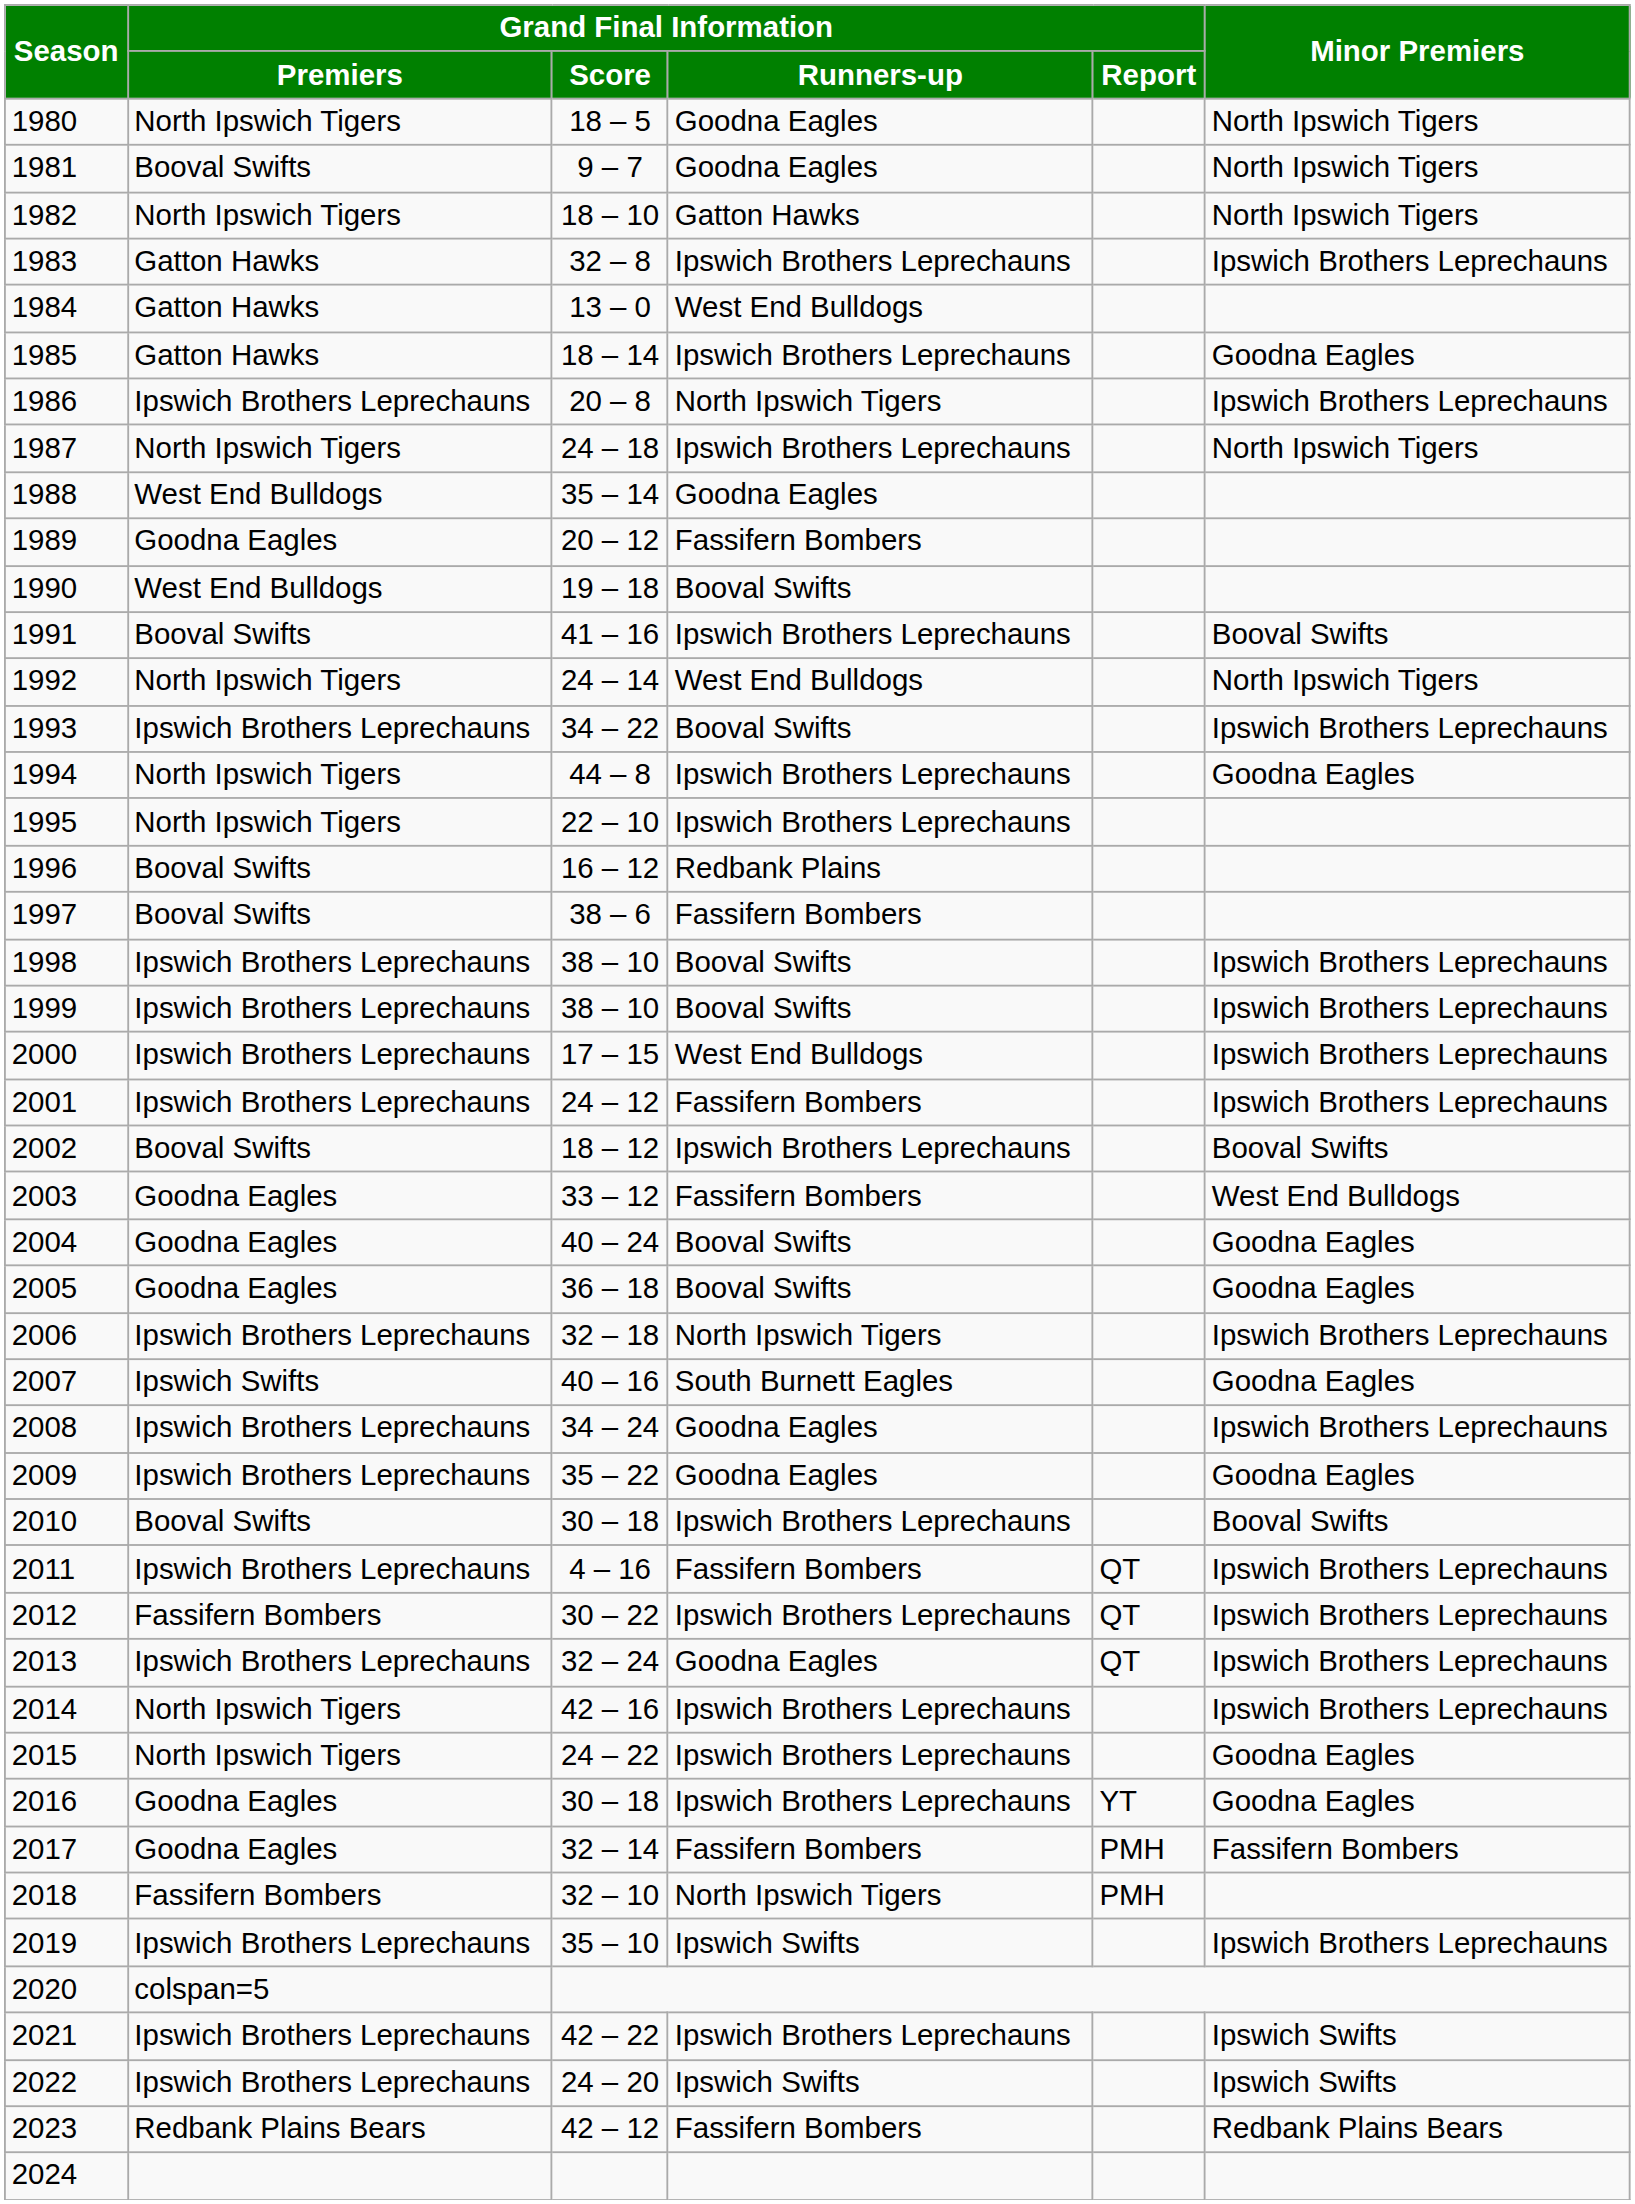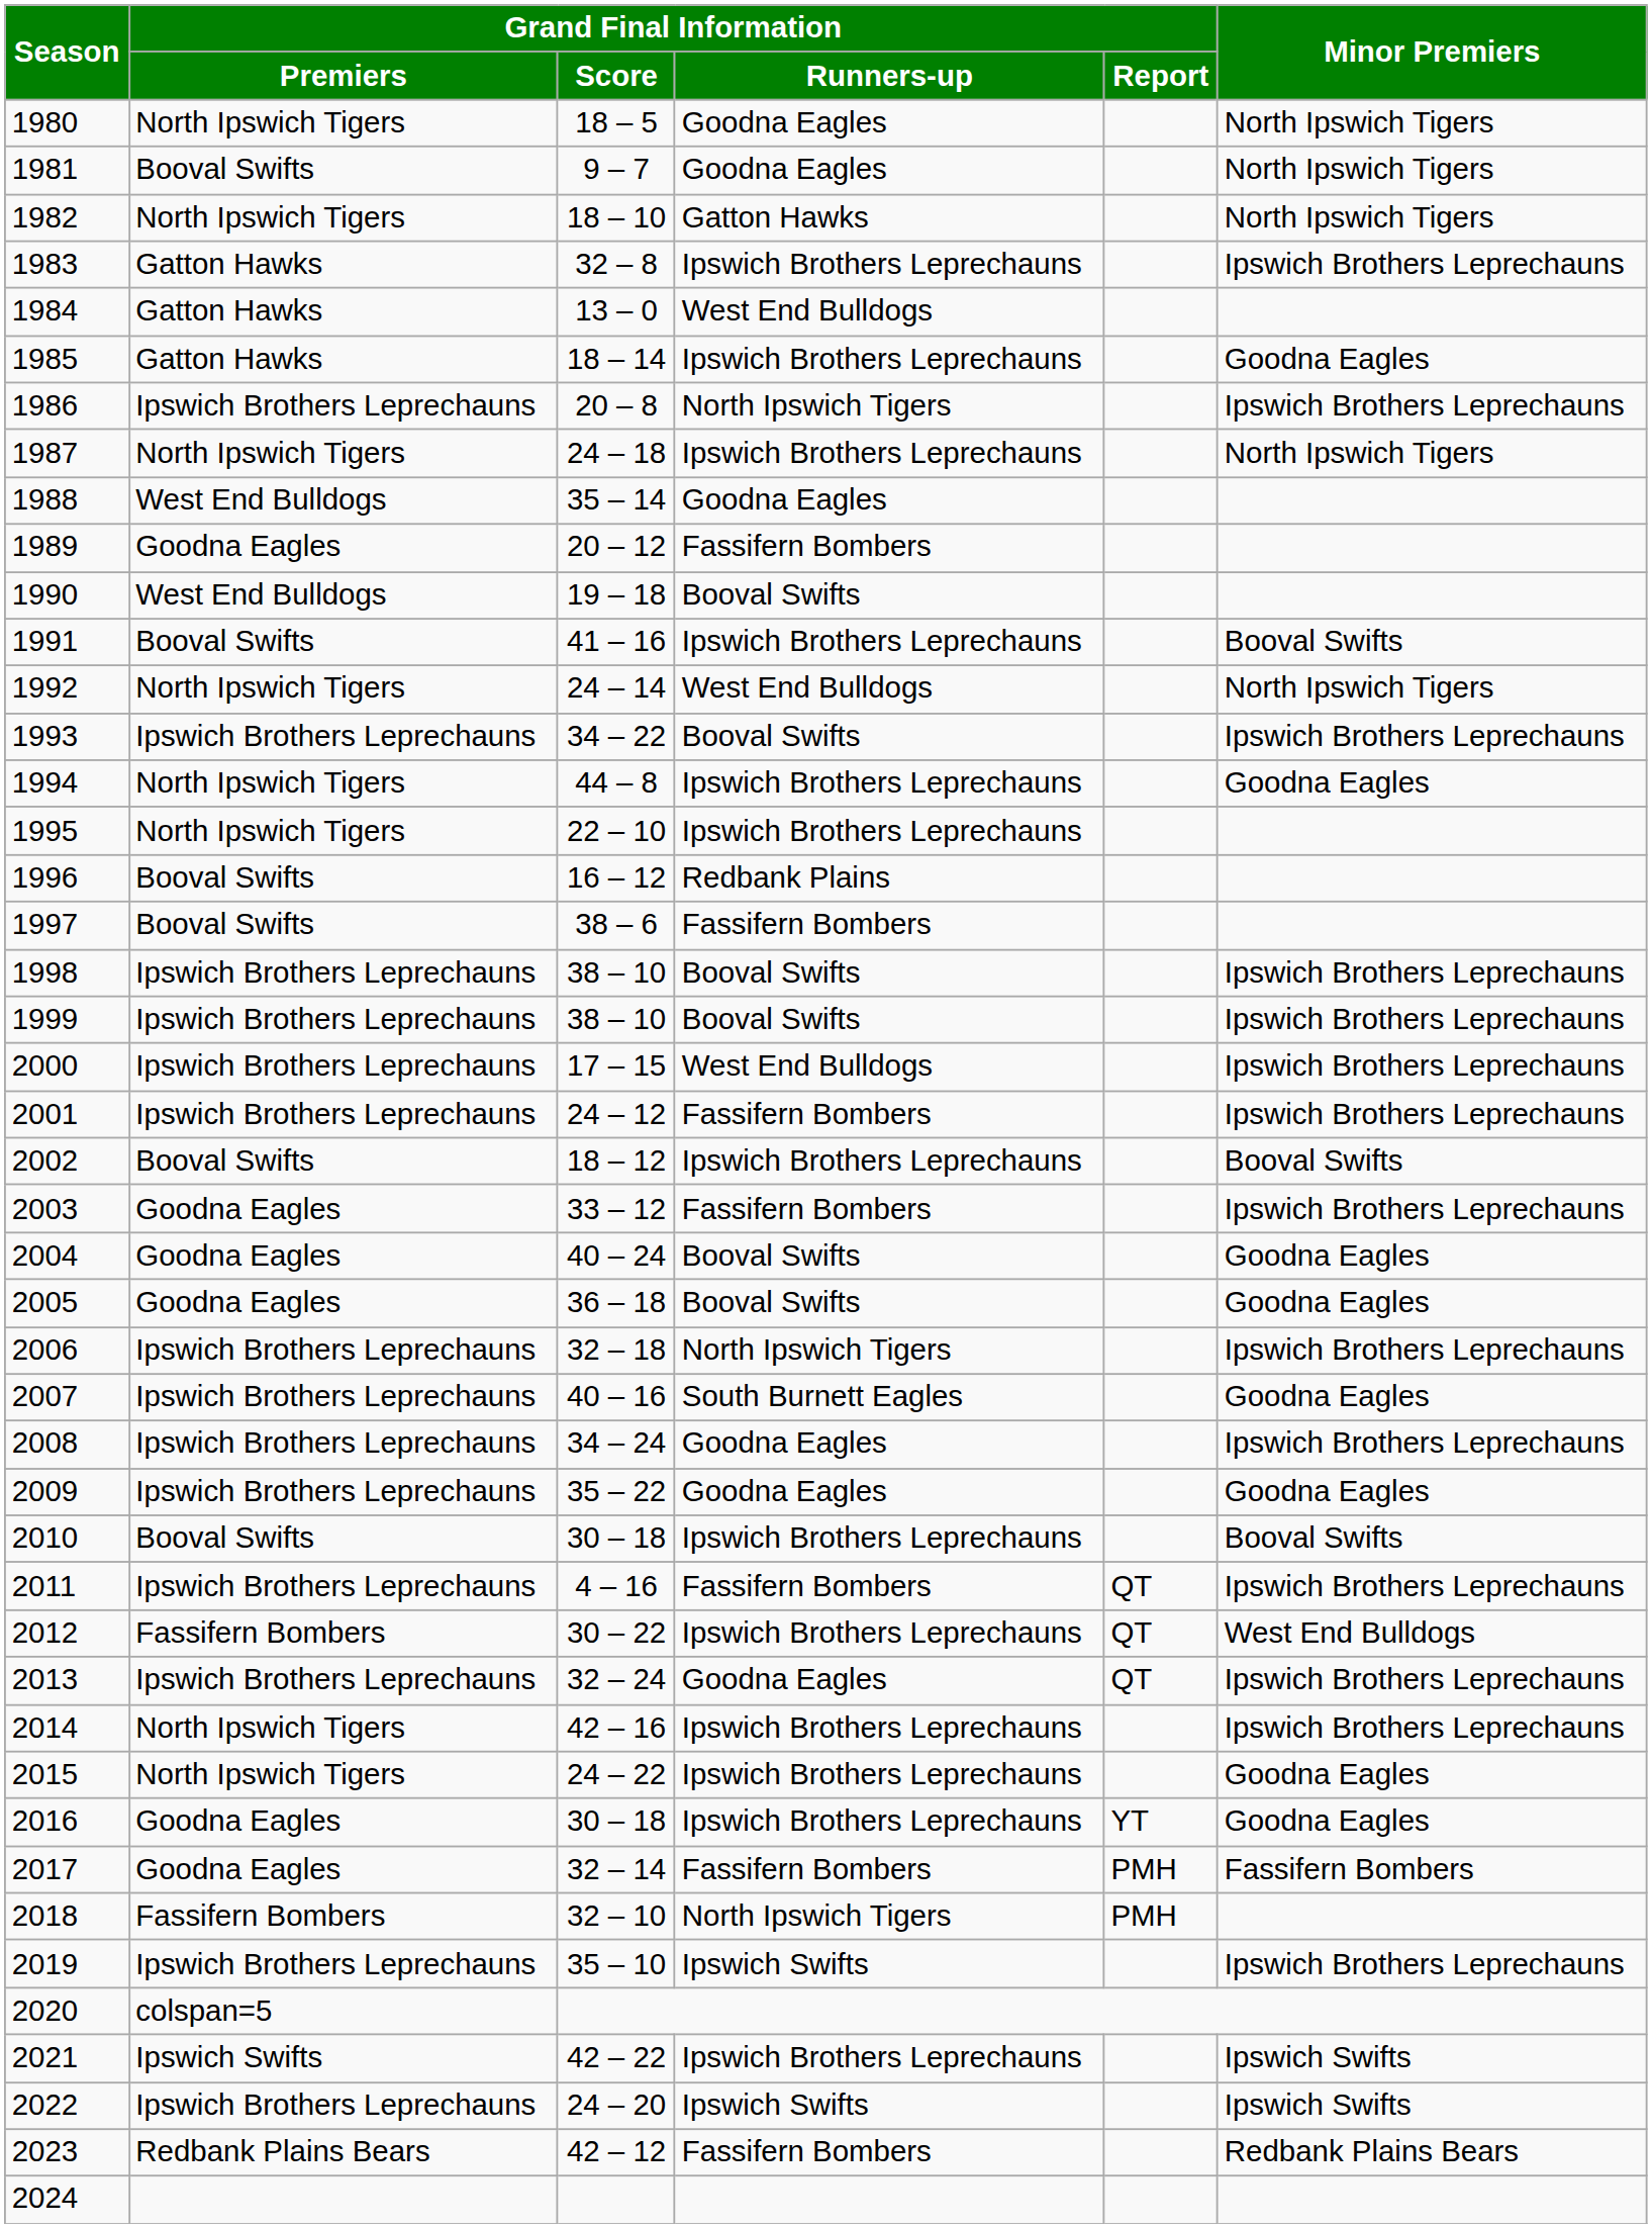 <table class="wikitable" style="width:100%; text-align:left">
 <tr>
 <th style="background:green; color:white;" rowspan=2>Season</th>
 <th style="background:green; color:white;" rowspan=1 colspan=4>Grand Final Information</th>
 <th style="background:green; color:white;" rowspan=2>Minor Premiers</th>
 </tr>
 <tr>
 <th style="background:green; color:white;">Premiers</th>
 <th style="background:green; color:white;">Score</th>
 <th style="background:green; color:white;">Runners-up</th>
 <th style="background:green; color:white;">Report</th>
 </tr>
 <tr>
 <td>1980</td>
 <td> North Ipswich Tigers</td>
 <td align=center>18 – 5</td>
 <td> Goodna Eagles</td>
 <td></td>
 <td> North Ipswich Tigers</td>
 </tr>
 <tr>
 <td>1981</td>
 <td> Booval Swifts</td>
 <td align=center>9 – 7</td>
 <td> Goodna Eagles</td>
 <td></td>
 <td> North Ipswich Tigers</td>
 </tr>
 <tr>
 <td>1982</td>
 <td> North Ipswich Tigers</td>
 <td align=center>18 – 10</td>
 <td> Gatton Hawks</td>
 <td></td>
 <td> North Ipswich Tigers</td>
 </tr>
 <tr>
 <td>1983</td>
 <td> Gatton Hawks</td>
 <td align=center>32 – 8</td>
 <td> Ipswich Brothers Leprechauns</td>
 <td></td>
 <td> Ipswich Brothers Leprechauns</td>
 </tr>
 <tr>
 <td>1984</td>
 <td> Gatton Hawks</td>
 <td align=center>13 – 0</td>
 <td> West End Bulldogs</td>
 <td></td>
 <td></td>
 </tr>
 <tr>
 <td>1985</td>
 <td> Gatton Hawks</td>
 <td align=center>18 – 14</td>
 <td> Ipswich Brothers Leprechauns</td>
 <td></td>
 <td> Goodna Eagles</td>
 </tr>
 <tr>
 <td>1986</td>
 <td> Ipswich Brothers Leprechauns</td>
 <td align=center>20 – 8</td>
 <td> North Ipswich Tigers</td>
 <td></td>
 <td> Ipswich Brothers Leprechauns</td>
 </tr>
 <tr>
 <td>1987</td>
 <td> North Ipswich Tigers</td>
 <td align=center>24 – 18</td>
 <td> Ipswich Brothers Leprechauns</td>
 <td></td>
 <td> North Ipswich Tigers</td>
 </tr>
 <tr>
 <td>1988</td>
 <td> West End Bulldogs</td>
 <td align=center>35 – 14</td>
 <td> Goodna Eagles</td>
 <td></td>
 <td></td>
 </tr>
 <tr>
 <td>1989</td>
 <td> Goodna Eagles</td>
 <td align=center>20 – 12</td>
 <td> Fassifern Bombers</td>
 <td></td>
 <td></td>
 </tr>
 <tr>
 <td>1990</td>
 <td> West End Bulldogs</td>
 <td align=center>19 – 18</td>
 <td> Booval Swifts</td>
 <td></td>
 <td></td>
 </tr>
 <tr>
 <td>1991</td>
 <td> Booval Swifts</td>
 <td align=center>41 – 16</td>
 <td> Ipswich Brothers Leprechauns</td>
 <td></td>
 <td> Booval Swifts</td>
 </tr>
 <tr>
 <td>1992</td>
 <td> North Ipswich Tigers</td>
 <td align=center>24 – 14</td>
 <td> West End Bulldogs</td>
 <td></td>
 <td> North Ipswich Tigers</td>
 </tr>
 <tr>
 <td>1993</td>
 <td> Ipswich Brothers Leprechauns</td>
 <td align=center>34 – 22</td>
 <td> Booval Swifts</td>
 <td></td>
 <td> Ipswich Brothers Leprechauns</td>
 </tr>
 <tr>
 <td>1994</td>
 <td> North Ipswich Tigers</td>
 <td align=center>44 – 8</td>
 <td> Ipswich Brothers Leprechauns</td>
 <td></td>
 <td> Goodna Eagles</td>
 </tr>
 <tr>
 <td>1995</td>
 <td> North Ipswich Tigers</td>
 <td align=center>22 – 10</td>
 <td> Ipswich Brothers Leprechauns</td>
 <td></td>
 <td></td>
 </tr>
 <tr>
 <td>1996</td>
 <td> Booval Swifts</td>
 <td align=center>16 – 12</td>
 <td> Redbank Plains</td>
 <td></td>
 <td></td>
 </tr>
 <tr>
 <td>1997</td>
 <td> Booval Swifts</td>
 <td align=center>38 – 6</td>
 <td> Fassifern Bombers</td>
 <td></td>
 <td></td>
 </tr>
 <tr>
 <td>1998</td>
 <td> Ipswich Brothers Leprechauns</td>
 <td align=center>38 – 10</td>
 <td> Booval Swifts</td>
 <td></td>
 <td> Ipswich Brothers Leprechauns</td>
 </tr>
 <tr>
 <td>1999</td>
 <td> Ipswich Brothers Leprechauns</td>
 <td align=center>38 – 10</td>
 <td> Booval Swifts</td>
 <td></td>
 <td> Ipswich Brothers Leprechauns</td>
 </tr>
 <tr>
 <td>2000</td>
 <td> Ipswich Brothers Leprechauns</td>
 <td align=center>17 – 15</td>
 <td> West End Bulldogs</td>
 <td></td>
 <td> Ipswich Brothers Leprechauns</td>
 </tr>
 <tr>
 <td>2001</td>
 <td> Ipswich Brothers Leprechauns</td>
 <td align=center>24 – 12</td>
 <td> Fassifern Bombers</td>
 <td></td>
 <td> Ipswich Brothers Leprechauns</td>
 </tr>
 <tr>
 <td>2002</td>
 <td> Booval Swifts</td>
 <td align=center>18 – 12</td>
 <td> Ipswich Brothers Leprechauns</td>
 <td></td>
 <td> Booval Swifts</td>
 </tr>
 <tr>
 <td>2003</td>
 <td> Goodna Eagles</td>
 <td align=center>33 – 12</td>
 <td> Fassifern Bombers</td>
 <td></td>
-<td> West End Bulldogs</td>
+<td> Ipswich Brothers Leprechauns</td>
 </tr>
 <tr>
 <td>2004</td>
 <td> Goodna Eagles</td>
 <td align=center>40 – 24</td>
 <td> Booval Swifts</td>
 <td></td>
 <td> Goodna Eagles</td>
 </tr>
 <tr>
 <td>2005</td>
 <td> Goodna Eagles</td>
 <td align=center>36 – 18</td>
 <td> Booval Swifts</td>
 <td></td>
 <td> Goodna Eagles</td>
 </tr>
 <tr>
 <td>2006</td>
 <td> Ipswich Brothers Leprechauns</td>
 <td align=center>32 – 18</td>
 <td> North Ipswich Tigers</td>
 <td></td>
 <td> Ipswich Brothers Leprechauns</td>
 </tr>
 <tr>
 <td>2007</td>
-<td> Ipswich Swifts</td>
+<td> Ipswich Brothers Leprechauns</td>
 <td align=center>40 – 16</td>
 <td> South Burnett Eagles</td>
 <td></td>
 <td> Goodna Eagles</td>
 </tr>
 <tr>
 <td>2008</td>
 <td> Ipswich Brothers Leprechauns</td>
 <td align=center>34 – 24</td>
 <td> Goodna Eagles</td>
 <td></td>
 <td> Ipswich Brothers Leprechauns</td>
 </tr>
 <tr>
 <td>2009</td>
 <td> Ipswich Brothers Leprechauns</td>
 <td align=center>35 – 22</td>
 <td> Goodna Eagles</td>
 <td></td>
 <td> Goodna Eagles</td>
 </tr>
 <tr>
 <td>2010</td>
 <td> Booval Swifts</td>
 <td align=center>30 – 18</td>
 <td> Ipswich Brothers Leprechauns</td>
 <td></td>
 <td> Booval Swifts</td>
 </tr>
 <tr>
 <td>2011</td>
 <td> Ipswich Brothers Leprechauns</td>
 <td align=center>4 – 16</td>
 <td> Fassifern Bombers</td>
 <td>QT</td>
 <td> Ipswich Brothers Leprechauns</td>
 </tr>
 <tr>
 <td>2012</td>
 <td> Fassifern Bombers</td>
 <td align=center>30 – 22</td>
 <td> Ipswich Brothers Leprechauns</td>
 <td>QT</td>
-<td> Ipswich Brothers Leprechauns</td>
+<td> West End Bulldogs</td>
 </tr>
 <tr>
 <td>2013</td>
 <td> Ipswich Brothers Leprechauns</td>
 <td align=center>32 – 24</td>
 <td> Goodna Eagles</td>
 <td>QT</td>
 <td> Ipswich Brothers Leprechauns</td>
 </tr>
 <tr>
 <td>2014</td>
 <td> North Ipswich Tigers</td>
 <td align=center>42 – 16</td>
 <td> Ipswich Brothers Leprechauns</td>
 <td></td>
 <td> Ipswich Brothers Leprechauns</td>
 </tr>
 <tr>
 <td>2015</td>
 <td> North Ipswich Tigers</td>
 <td align=center>24 – 22</td>
 <td> Ipswich Brothers Leprechauns</td>
 <td></td>
 <td> Goodna Eagles</td>
 </tr>
 <tr>
 <td>2016</td>
 <td> Goodna Eagles</td>
 <td align=center>30 – 18</td>
 <td> Ipswich Brothers Leprechauns</td>
 <td>YT</td>
 <td> Goodna Eagles</td>
 </tr>
 <tr>
 <td>2017</td>
 <td> Goodna Eagles</td>
 <td align=center>32 – 14</td>
 <td> Fassifern Bombers</td>
 <td>PMH</td>
 <td> Fassifern Bombers</td>
 </tr>
 <tr>
 <td>2018</td>
 <td> Fassifern Bombers</td>
 <td align=center>32 – 10</td>
 <td> North Ipswich Tigers</td>
 <td>PMH</td>
 <td></td>
 </tr>
 <tr>
 <td>2019</td>
 <td> Ipswich Brothers Leprechauns</td>
 <td align=center>35 – 10</td>
 <td> Ipswich Swifts</td>
 <td></td>
 <td> Ipswich Brothers Leprechauns</td>
 </tr>
 <tr>
 <td>2020</td>
 <td>colspan=5 </td>
 </tr>
 <tr>
 <td>2021</td>
-<td> Ipswich Brothers Leprechauns</td>
+<td> Ipswich Swifts</td>
 <td align=center>42 – 22</td>
 <td> Ipswich Brothers Leprechauns</td>
 <td></td>
 <td> Ipswich Swifts</td>
 </tr>
 <tr>
 <td>2022</td>
 <td> Ipswich Brothers Leprechauns</td>
 <td align=center>24 – 20</td>
 <td> Ipswich Swifts</td>
 <td></td>
 <td> Ipswich Swifts</td>
 </tr>
 <tr>
 <td>2023</td>
 <td> Redbank Plains Bears</td>
 <td align=center>42 – 12</td>
 <td> Fassifern Bombers</td>
 <td></td>
 <td> Redbank Plains Bears</td>
 </tr>
 <tr>
 <td>2024</td>
 <td></td>
 <td align=center></td>
 <td></td>
 <td></td>
 <td></td>
 </tr>
 </table>
